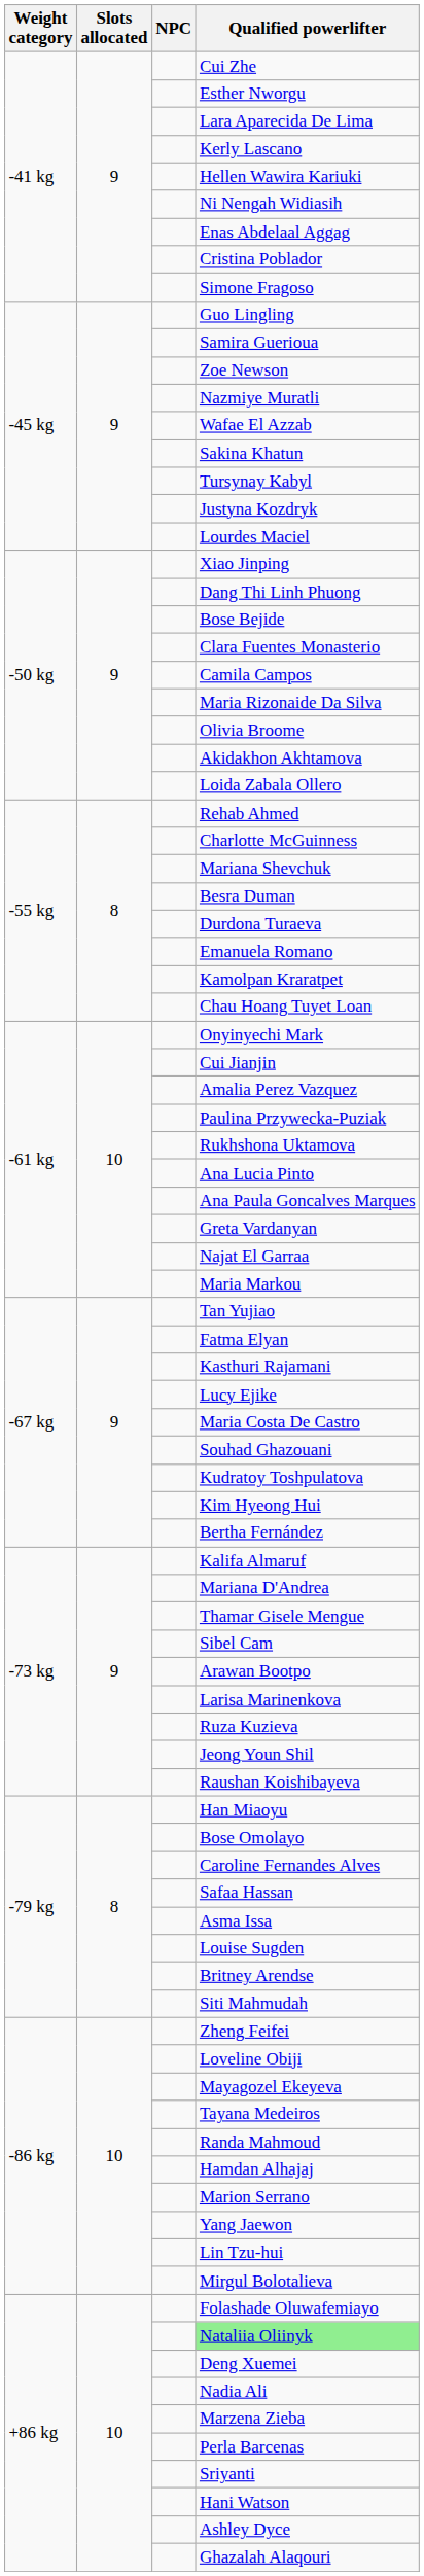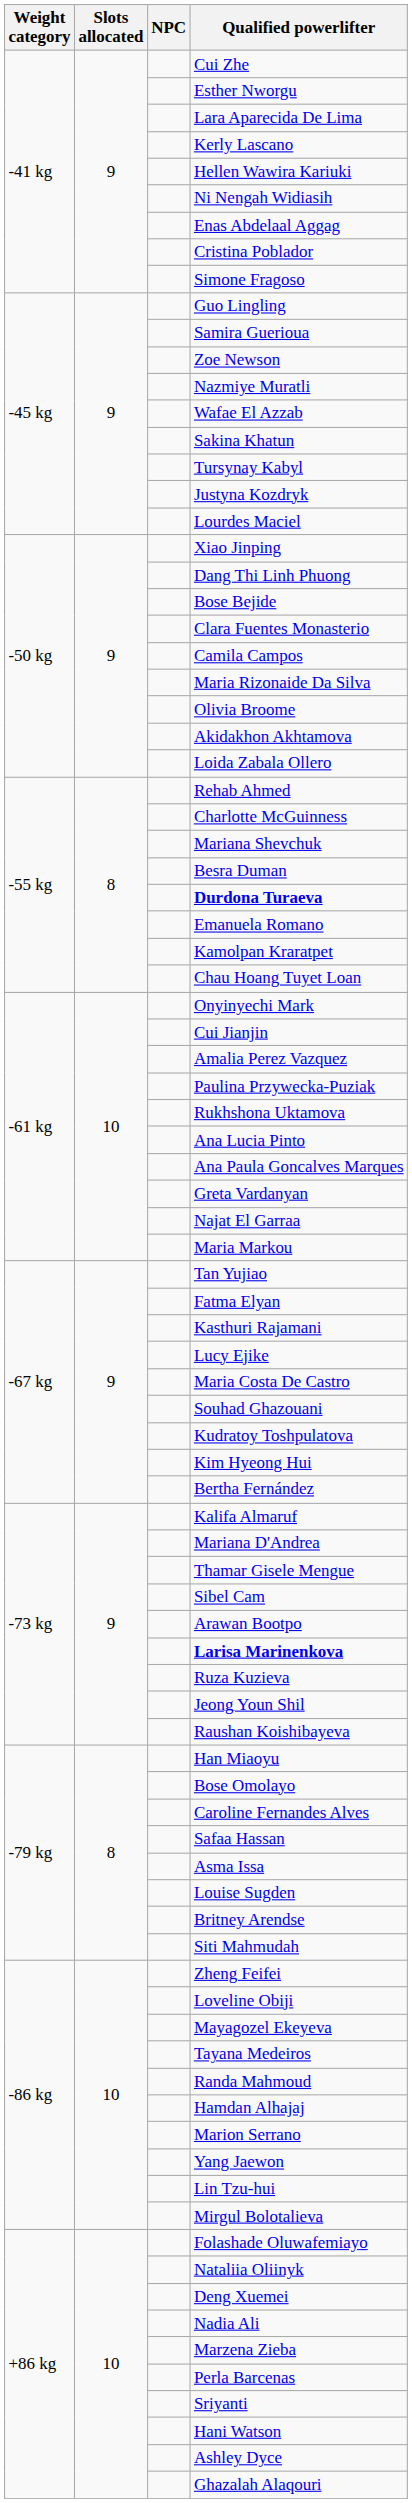 <table class="wikitable">
 <tr>
 <th>Weight<br> category</th>
 <th>Slots<br> allocated</th>
 <th>NPC</th>
 <th>Qualified powerlifter</th>
 </tr>
 <tr>
 <td rowspan=9>-41 kg</td>
 <td rowspan=9 align=center>9</td>
 <td></td>
 <td><a href='#'>Cui Zhe</a></td>
 </tr>
 <tr>
 <td></td>
 <td><a href='#'>Esther Nworgu</a></td>
 </tr>
 <tr>
 <td></td>
 <td><a href='#'>Lara Aparecida De Lima</a></td>
 </tr>
 <tr>
 <td></td>
 <td><a href='#'>Kerly Lascano</a></td>
 </tr>
 <tr>
 <td></td>
 <td><a href='#'>Hellen Wawira Kariuki</a></td>
 </tr>
 <tr>
 <td></td>
 <td><a href='#'>Ni Nengah Widiasih</a></td>
 </tr>
 <tr>
 <td></td>
 <td><a href='#'>Enas Abdelaal Aggag</a></td>
 </tr>
 <tr>
 <td></td>
 <td><a href='#'>Cristina Poblador</a></td>
 </tr>
 <tr>
 <td></td>
 <td><a href='#'>Simone Fragoso</a></td>
 </tr>
 <tr>
 <td rowspan=9>-45 kg</td>
 <td rowspan=9 align=center>9</td>
 <td></td>
 <td><a href='#'>Guo Lingling</a></td>
 </tr>
 <tr>
 <td></td>
 <td><a href='#'>Samira Guerioua</a></td>
 </tr>
 <tr>
 <td></td>
 <td><a href='#'>Zoe Newson</a></td>
 </tr>
 <tr>
 <td></td>
 <td><a href='#'>Nazmiye Muratli</a></td>
 </tr>
 <tr>
 <td></td>
 <td><a href='#'>Wafae El Azzab</a></td>
 </tr>
 <tr>
 <td></td>
 <td><a href='#'>Sakina Khatun</a></td>
 </tr>
 <tr>
 <td></td>
 <td><a href='#'>Tursynay Kabyl</a></td>
 </tr>
 <tr>
 <td></td>
 <td><a href='#'>Justyna Kozdryk</a></td>
 </tr>
 <tr>
 <td></td>
 <td><a href='#'>Lourdes Maciel</a></td>
 </tr>
 <tr>
 <td rowspan=9>-50 kg</td>
 <td rowspan=9 align=center>9</td>
 <td></td>
 <td><a href='#'>Xiao Jinping</a></td>
 </tr>
 <tr>
 <td></td>
 <td><a href='#'>Dang Thi Linh Phuong</a></td>
 </tr>
 <tr>
 <td></td>
 <td><a href='#'>Bose Bejide</a></td>
 </tr>
 <tr>
 <td></td>
 <td><a href='#'>Clara Fuentes Monasterio</a></td>
 </tr>
 <tr>
 <td></td>
 <td><a href='#'>Camila Campos</a></td>
 </tr>
 <tr>
 <td></td>
 <td><a href='#'>Maria Rizonaide Da Silva</a></td>
 </tr>
 <tr>
 <td></td>
 <td><a href='#'>Olivia Broome</a></td>
 </tr>
 <tr>
 <td></td>
 <td><a href='#'>Akidakhon Akhtamova</a></td>
 </tr>
 <tr>
 <td></td>
 <td><a href='#'>Loida Zabala Ollero</a></td>
 </tr>
 <tr>
 <td rowspan=8>-55 kg</td>
 <td rowspan=8 align=center>8</td>
 <td></td>
 <td><a href='#'>Rehab Ahmed</a></td>
 </tr>
 <tr>
 <td></td>
 <td><a href='#'>Charlotte McGuinness</a></td>
 </tr>
 <tr>
 <td></td>
 <td><a href='#'>Mariana Shevchuk</a></td>
 </tr>
 <tr>
 <td></td>
 <td><a href='#'>Besra Duman</a></td>
 </tr>
 <tr>
 <td></td>
-<td><a href='#'>Durdona Turaeva</a></td>
+<td><strong><a href='#'>Durdona Turaeva</a></strong></td>
 </tr>
 <tr>
 <td></td>
 <td><a href='#'>Emanuela Romano</a></td>
 </tr>
 <tr>
 <td></td>
 <td><a href='#'>Kamolpan Kraratpet</a></td>
 </tr>
 <tr>
 <td></td>
 <td><a href='#'>Chau Hoang Tuyet Loan</a></td>
 </tr>
 <tr>
 <td rowspan=10>-61 kg</td>
 <td rowspan=10 align=center>10</td>
 <td></td>
 <td><a href='#'>Onyinyechi Mark</a></td>
 </tr>
 <tr>
 <td></td>
 <td><a href='#'>Cui Jianjin</a></td>
 </tr>
 <tr>
 <td></td>
 <td><a href='#'>Amalia Perez Vazquez</a></td>
 </tr>
 <tr>
 <td></td>
 <td><a href='#'>Paulina Przywecka-Puziak</a></td>
 </tr>
 <tr>
 <td></td>
 <td><a href='#'>Rukhshona Uktamova</a></td>
 </tr>
 <tr>
 <td></td>
 <td><a href='#'>Ana Lucia Pinto</a></td>
 </tr>
 <tr>
 <td></td>
 <td><a href='#'>Ana Paula Goncalves Marques</a></td>
 </tr>
 <tr>
 <td></td>
 <td><a href='#'>Greta Vardanyan</a></td>
 </tr>
 <tr>
 <td></td>
 <td><a href='#'>Najat El Garraa</a></td>
 </tr>
 <tr>
 <td></td>
 <td><a href='#'>Maria Markou</a></td>
 </tr>
 <tr>
 <td rowspan=9>-67 kg</td>
 <td rowspan=9 align=center>9</td>
 <td></td>
 <td><a href='#'>Tan Yujiao</a></td>
 </tr>
 <tr>
 <td></td>
 <td><a href='#'>Fatma Elyan</a></td>
 </tr>
 <tr>
 <td></td>
 <td><a href='#'>Kasthuri Rajamani</a></td>
 </tr>
 <tr>
 <td></td>
 <td><a href='#'>Lucy Ejike</a></td>
 </tr>
 <tr>
 <td></td>
 <td><a href='#'>Maria Costa De Castro</a></td>
 </tr>
 <tr>
 <td></td>
 <td><a href='#'>Souhad Ghazouani</a></td>
 </tr>
 <tr>
 <td></td>
 <td><a href='#'>Kudratoy Toshpulatova</a></td>
 </tr>
 <tr>
 <td></td>
 <td><a href='#'>Kim Hyeong Hui</a></td>
 </tr>
 <tr>
 <td></td>
 <td><a href='#'>Bertha Fernández</a></td>
 </tr>
 <tr>
 <td rowspan=9>-73 kg</td>
 <td rowspan=9 align=center>9</td>
 <td></td>
 <td><a href='#'>Kalifa Almaruf</a></td>
 </tr>
 <tr>
 <td></td>
 <td><a href='#'>Mariana D'Andrea</a></td>
 </tr>
 <tr>
 <td></td>
 <td><a href='#'>Thamar Gisele Mengue</a></td>
 </tr>
 <tr>
 <td></td>
 <td><a href='#'>Sibel Cam</a></td>
 </tr>
 <tr>
 <td></td>
 <td><a href='#'>Arawan Bootpo</a></td>
 </tr>
 <tr>
 <td></td>
-<td><a href='#'>Larisa Marinenkova</a></td>
+<td><strong><a href='#'>Larisa Marinenkova</a></strong></td>
 </tr>
 <tr>
 <td></td>
 <td><a href='#'>Ruza Kuzieva</a></td>
 </tr>
 <tr>
 <td></td>
 <td><a href='#'>Jeong Youn Shil</a></td>
 </tr>
 <tr>
 <td></td>
 <td><a href='#'>Raushan Koishibayeva</a></td>
 </tr>
 <tr>
 <td rowspan=8>-79 kg</td>
 <td rowspan=8 align=center>8</td>
 <td></td>
 <td><a href='#'>Han Miaoyu</a></td>
 </tr>
 <tr>
 <td></td>
 <td><a href='#'>Bose Omolayo</a></td>
 </tr>
 <tr>
 <td></td>
 <td><a href='#'>Caroline Fernandes Alves</a></td>
 </tr>
 <tr>
 <td></td>
 <td><a href='#'>Safaa Hassan</a></td>
 </tr>
 <tr>
 <td></td>
 <td><a href='#'>Asma Issa</a></td>
 </tr>
 <tr>
 <td></td>
 <td><a href='#'>Louise Sugden</a></td>
 </tr>
 <tr>
 <td></td>
 <td><a href='#'>Britney Arendse</a></td>
 </tr>
 <tr>
 <td></td>
 <td><a href='#'>Siti Mahmudah</a></td>
 </tr>
 <tr>
 <td rowspan=10>-86 kg</td>
 <td rowspan=10 align=center>10</td>
 <td></td>
 <td><a href='#'>Zheng Feifei</a></td>
 </tr>
 <tr>
 <td></td>
 <td><a href='#'>Loveline Obiji</a></td>
 </tr>
 <tr>
 <td></td>
 <td><a href='#'>Mayagozel Ekeyeva</a></td>
 </tr>
 <tr>
 <td></td>
 <td><a href='#'>Tayana Medeiros</a></td>
 </tr>
 <tr>
 <td></td>
 <td><a href='#'>Randa Mahmoud</a></td>
 </tr>
 <tr>
 <td></td>
 <td><a href='#'>Hamdan Alhajaj</a></td>
 </tr>
 <tr>
 <td></td>
 <td><a href='#'>Marion Serrano</a></td>
 </tr>
 <tr>
 <td></td>
 <td><a href='#'>Yang Jaewon</a></td>
 </tr>
 <tr>
 <td></td>
 <td><a href='#'>Lin Tzu-hui</a></td>
 </tr>
 <tr>
 <td></td>
 <td><a href='#'>Mirgul Bolotalieva</a></td>
 </tr>
 <tr>
 <td rowspan=10>+86 kg</td>
 <td rowspan=10 align=center>10</td>
 <td></td>
 <td><a href='#'>Folashade Oluwafemiayo</a></td>
 </tr>
 <tr>
 <td></td>
-<td style="background: lightgreen;"><a href='#'>Nataliia Oliinyk</a></td>
+<td><a href='#'>Nataliia Oliinyk</a></td>
 </tr>
 <tr>
 <td></td>
 <td><a href='#'>Deng Xuemei</a></td>
 </tr>
 <tr>
 <td></td>
 <td><a href='#'>Nadia Ali</a></td>
 </tr>
 <tr>
 <td></td>
 <td><a href='#'>Marzena Zieba</a></td>
 </tr>
 <tr>
 <td></td>
 <td><a href='#'>Perla Barcenas</a></td>
 </tr>
 <tr>
 <td></td>
 <td><a href='#'>Sriyanti</a></td>
 </tr>
 <tr>
 <td></td>
 <td><a href='#'>Hani Watson</a></td>
 </tr>
 <tr>
 <td></td>
 <td><a href='#'>Ashley Dyce</a></td>
 </tr>
 <tr>
 <td></td>
 <td><a href='#'>Ghazalah Alaqouri</a></td>
 </tr>
 </table>
